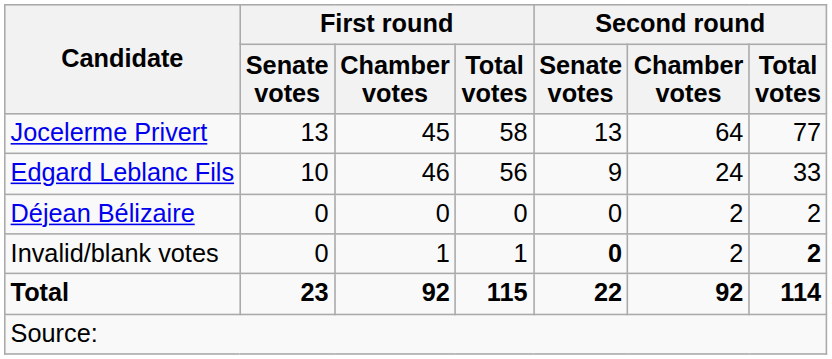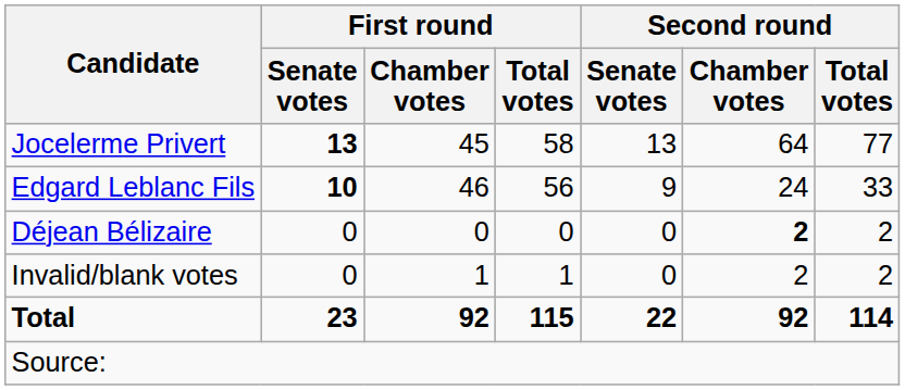 <table class=wikitable style=text-align:right>
 <tr>
 <th rowspan=2>Candidate</th>
 <th colspan=3>First round</th>
 <th colspan=3>Second round</th>
 </tr>
 <tr>
 <th>Senate<br>votes</th>
 <th>Chamber<br>votes</th>
 <th>Total<br>votes</th>
 <th>Senate<br>votes</th>
 <th>Chamber<br>votes</th>
 <th>Total<br>votes</th>
 </tr>
 <tr>
 <td align=left><a href='#'>Jocelerme Privert</a></td>
-<td>13</td>
+<td><strong>13</strong></td>
 <td>45</td>
 <td>58</td>
 <td>13</td>
 <td>64</td>
 <td>77</td>
 </tr>
 <tr>
 <td align=left><a href='#'>Edgard Leblanc Fils</a></td>
-<td>10</td>
+<td><strong>10</strong></td>
 <td>46</td>
 <td>56</td>
 <td>9</td>
 <td>24</td>
 <td>33</td>
 </tr>
 <tr>
 <td align=left><a href='#'>Déjean Bélizaire</a></td>
 <td>0</td>
 <td>0</td>
 <td>0</td>
 <td>0</td>
-<td>2</td>
+<td><strong>2</strong></td>
 <td>2</td>
 </tr>
 <tr>
 <td align=left>Invalid/blank votes</td>
 <td>0</td>
 <td>1</td>
 <td>1</td>
-<td><strong>0</strong></td>
+<td>0</td>
 <td>2</td>
-<td><strong>2</strong></td>
+<td>2</td>
 </tr>
 <tr>
 <td align=left><strong>Total</strong></td>
 <td><strong>23</strong></td>
 <td><strong>92</strong></td>
 <td><strong>115</strong></td>
 <td><strong>22</strong></td>
 <td><strong>92</strong></td>
 <td><strong>114</strong></td>
 </tr>
 <tr>
 <td align=left colspan=7>Source: </td>
 </tr>
 </table>
